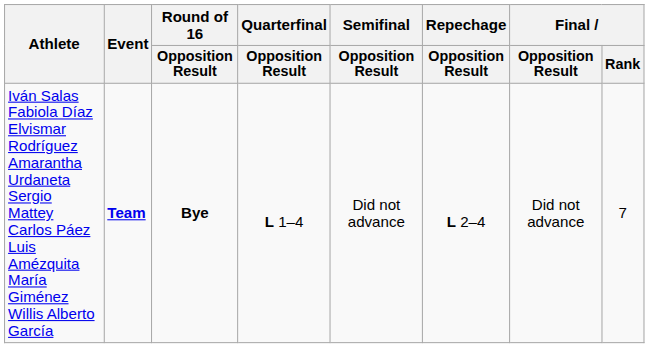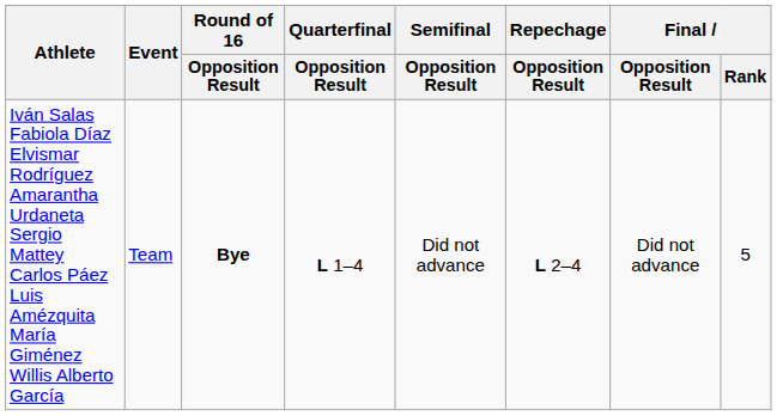 <table class=wikitable style=font-size:90%>
 <tr>
 <th rowspan=2>Athlete</th>
 <th rowspan=2>Event</th>
 <th>Round of 16</th>
 <th>Quarterfinal</th>
 <th>Semifinal</th>
 <th>Repechage</th>
 <th colspan=2>Final / </th>
 </tr>
 <tr style=font-size:95%>
 <th>Opposition<br>Result</th>
 <th>Opposition<br>Result</th>
 <th>Opposition<br>Result</th>
 <th>Opposition<br>Result</th>
 <th>Opposition<br>Result</th>
 <th>Rank</th>
 </tr>
 <tr align=center>
 <td align=left><a href='#'>Iván Salas</a><br><a href='#'>Fabiola Díaz</a><br><a href='#'>Elvismar Rodríguez</a><br><a href='#'>Amarantha Urdaneta</a><br><a href='#'>Sergio Mattey</a><br><a href='#'>Carlos Páez</a><br><a href='#'>Luis Amézquita</a><br><a href='#'>María Giménez</a><br><a href='#'>Willis Alberto García</a></td>
-<td align=left><strong><a href='#'>Team</a></strong></td>
+<td align=left><a href='#'>Team</a></td>
 <td><strong>Bye</strong></td>
 <td><br><strong>L</strong> 1–4</td>
 <td>Did not advance</td>
 <td><br><strong>L</strong> 2–4</td>
 <td>Did not advance</td>
-<td>7</td>
+<td>5</td>
 </tr>
 </table>
